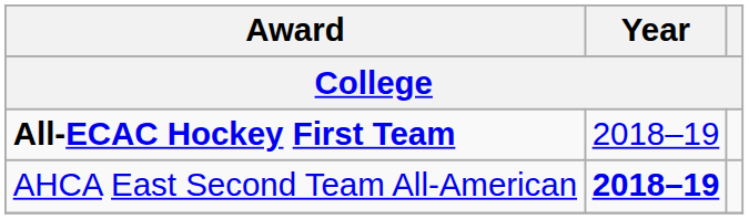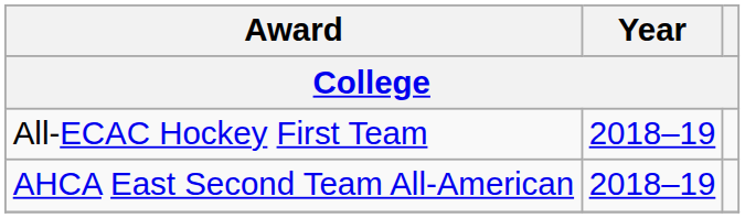 <table class="wikitable">
 <tr>
 <th>Award</th>
 <th>Year</th>
 <th></th>
 </tr>
 <tr ALIGN="center" bgcolor="#e0e0e0">
 <th colspan="3"><a href='#'>College</a></th>
 </tr>
 <tr>
-<td><strong>All-<a href='#'>ECAC Hockey</a> <a href='#'>First Team</a></strong></td>
+<td>All-<a href='#'>ECAC Hockey</a> <a href='#'>First Team</a></td>
 <td><a href='#'>2018–19</a></td>
 <td></td>
 </tr>
 <tr>
 <td><a href='#'>AHCA</a> <a href='#'>East Second Team All-American</a></td>
-<td><strong><a href='#'>2018–19</a></strong></td>
+<td><a href='#'>2018–19</a></td>
 <td></td>
 </tr>
 <tr>
 </tr>
 </table>
